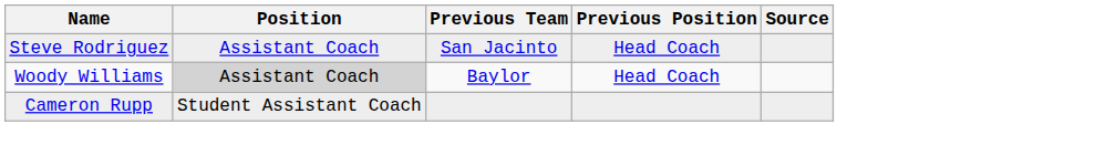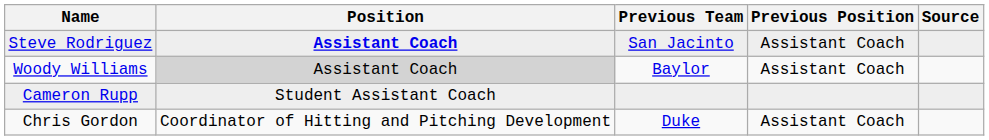 <table class="wikitable">
 <tr>
 <th style="text-align:center; ">Name</th>
 <th style="text-align:center; ">Position</th>
 <th style="text-align:center; ">Previous Team</th>
 <th style="text-align:center; ">Previous Position</th>
 <th style="text-align:center; ">Source</th>
 </tr>
 <tr align="center" style="background:#eeeeee;">
 <td><a href='#'>Steve Rodriguez</a></td>
-<td><a href='#'>Assistant Coach</a></td>
+<td><strong><a href='#'>Assistant Coach</a></strong></td>
 <td><a href='#'>San Jacinto</a></td>
-<td><a href='#'>Head Coach</a></td>
+<td>Assistant Coach</td>
 <td></td>
 </tr>
 <tr align="center">
 <td><a href='#'>Woody Williams</a></td>
 <td style="background: lightgrey;">Assistant Coach</td>
 <td><a href='#'>Baylor</a></td>
-<td><a href='#'>Head Coach</a></td>
+<td>Assistant Coach</td>
 <td></td>
 </tr>
 <tr align="center" style="background:#eeeeee;">
 <td><a href='#'>Cameron Rupp</a></td>
 <td>Student Assistant Coach</td>
 <td></td>
 <td></td>
 <td></td>
 </tr>
+<tr align="center">
+<td>Chris Gordon</td>
+<td>Coordinator of Hitting and Pitching Development</td>
+<td><a href='#'>Duke</a></td>
+<td>Assistant Coach</td>
+<td></td>
+</tr>
 </table>
